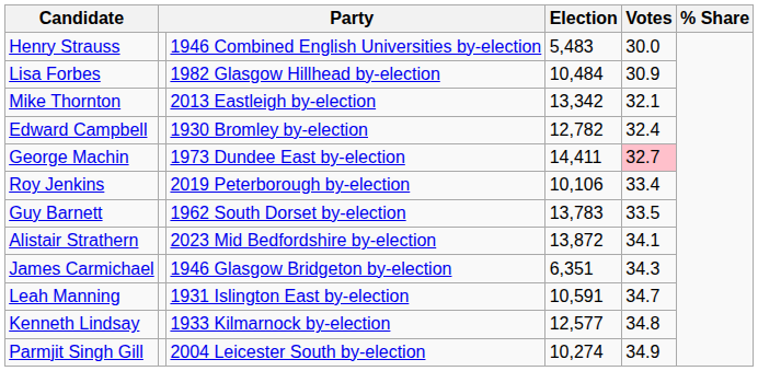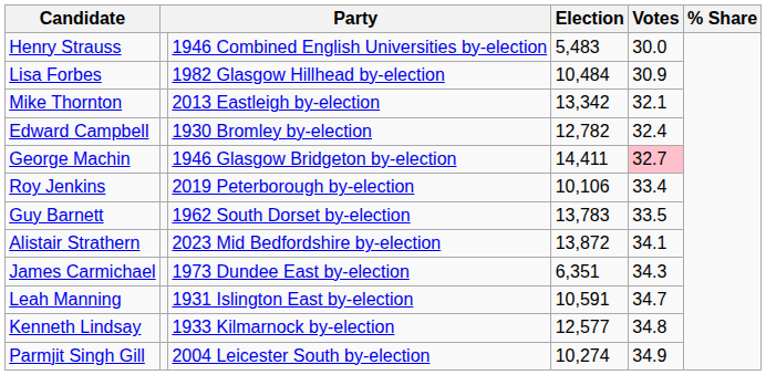 <table class="sortable wikitable">
 <tr>
 <th>Candidate</th>
 <th colspan=2>Party</th>
 <th>Election</th>
 <th>Votes</th>
 <th>% Share</th>
 </tr>
 <tr>
 <td><a href='#'>Henry Strauss</a></td>
 <td></td>
 <td><a href='#'>1946 Combined English Universities by-election</a></td>
 <td>5,483</td>
 <td>30.0</td>
 </tr>
 <tr>
 <td><a href='#'>Lisa Forbes</a></td>
 <td></td>
 <td><a href='#'>1982 Glasgow Hillhead by-election</a></td>
 <td>10,484</td>
 <td>30.9</td>
 </tr>
 <tr>
 <td><a href='#'>Mike Thornton</a></td>
 <td></td>
 <td><a href='#'>2013 Eastleigh by-election</a></td>
 <td>13,342</td>
 <td>32.1</td>
 </tr>
 <tr>
 <td><a href='#'>Edward Campbell</a></td>
 <td></td>
 <td><a href='#'>1930 Bromley by-election</a></td>
 <td>12,782</td>
 <td>32.4</td>
 </tr>
 <tr>
 <td><a href='#'>George Machin</a></td>
 <td></td>
-<td><a href='#'>1973 Dundee East by-election</a></td>
+<td><a href='#'>1946 Glasgow Bridgeton by-election</a></td>
 <td>14,411</td>
 <td style="background: pink;">32.7</td>
 </tr>
 <tr>
 <td><a href='#'>Roy Jenkins</a></td>
 <td></td>
 <td><a href='#'>2019 Peterborough by-election</a></td>
 <td>10,106</td>
 <td>33.4</td>
 </tr>
 <tr>
 <td><a href='#'>Guy Barnett</a></td>
 <td></td>
 <td><a href='#'>1962 South Dorset by-election</a></td>
 <td>13,783</td>
 <td>33.5</td>
 </tr>
 <tr>
 <td><a href='#'>Alistair Strathern</a></td>
 <td></td>
 <td><a href='#'>2023 Mid Bedfordshire by-election</a></td>
 <td>13,872</td>
 <td>34.1</td>
 </tr>
 <tr>
 <td><a href='#'>James Carmichael</a></td>
 <td></td>
-<td><a href='#'>1946 Glasgow Bridgeton by-election</a></td>
+<td><a href='#'>1973 Dundee East by-election</a></td>
 <td>6,351</td>
 <td>34.3</td>
 </tr>
 <tr>
 <td><a href='#'>Leah Manning</a></td>
 <td></td>
 <td><a href='#'>1931 Islington East by-election</a></td>
 <td>10,591</td>
 <td>34.7</td>
 </tr>
 <tr>
 <td><a href='#'>Kenneth Lindsay</a></td>
 <td></td>
 <td><a href='#'>1933 Kilmarnock by-election</a></td>
 <td>12,577</td>
 <td>34.8</td>
 </tr>
 <tr>
 <td><a href='#'>Parmjit Singh Gill</a></td>
 <td></td>
 <td><a href='#'>2004 Leicester South by-election</a></td>
 <td>10,274</td>
 <td>34.9</td>
 </tr>
 </table>
